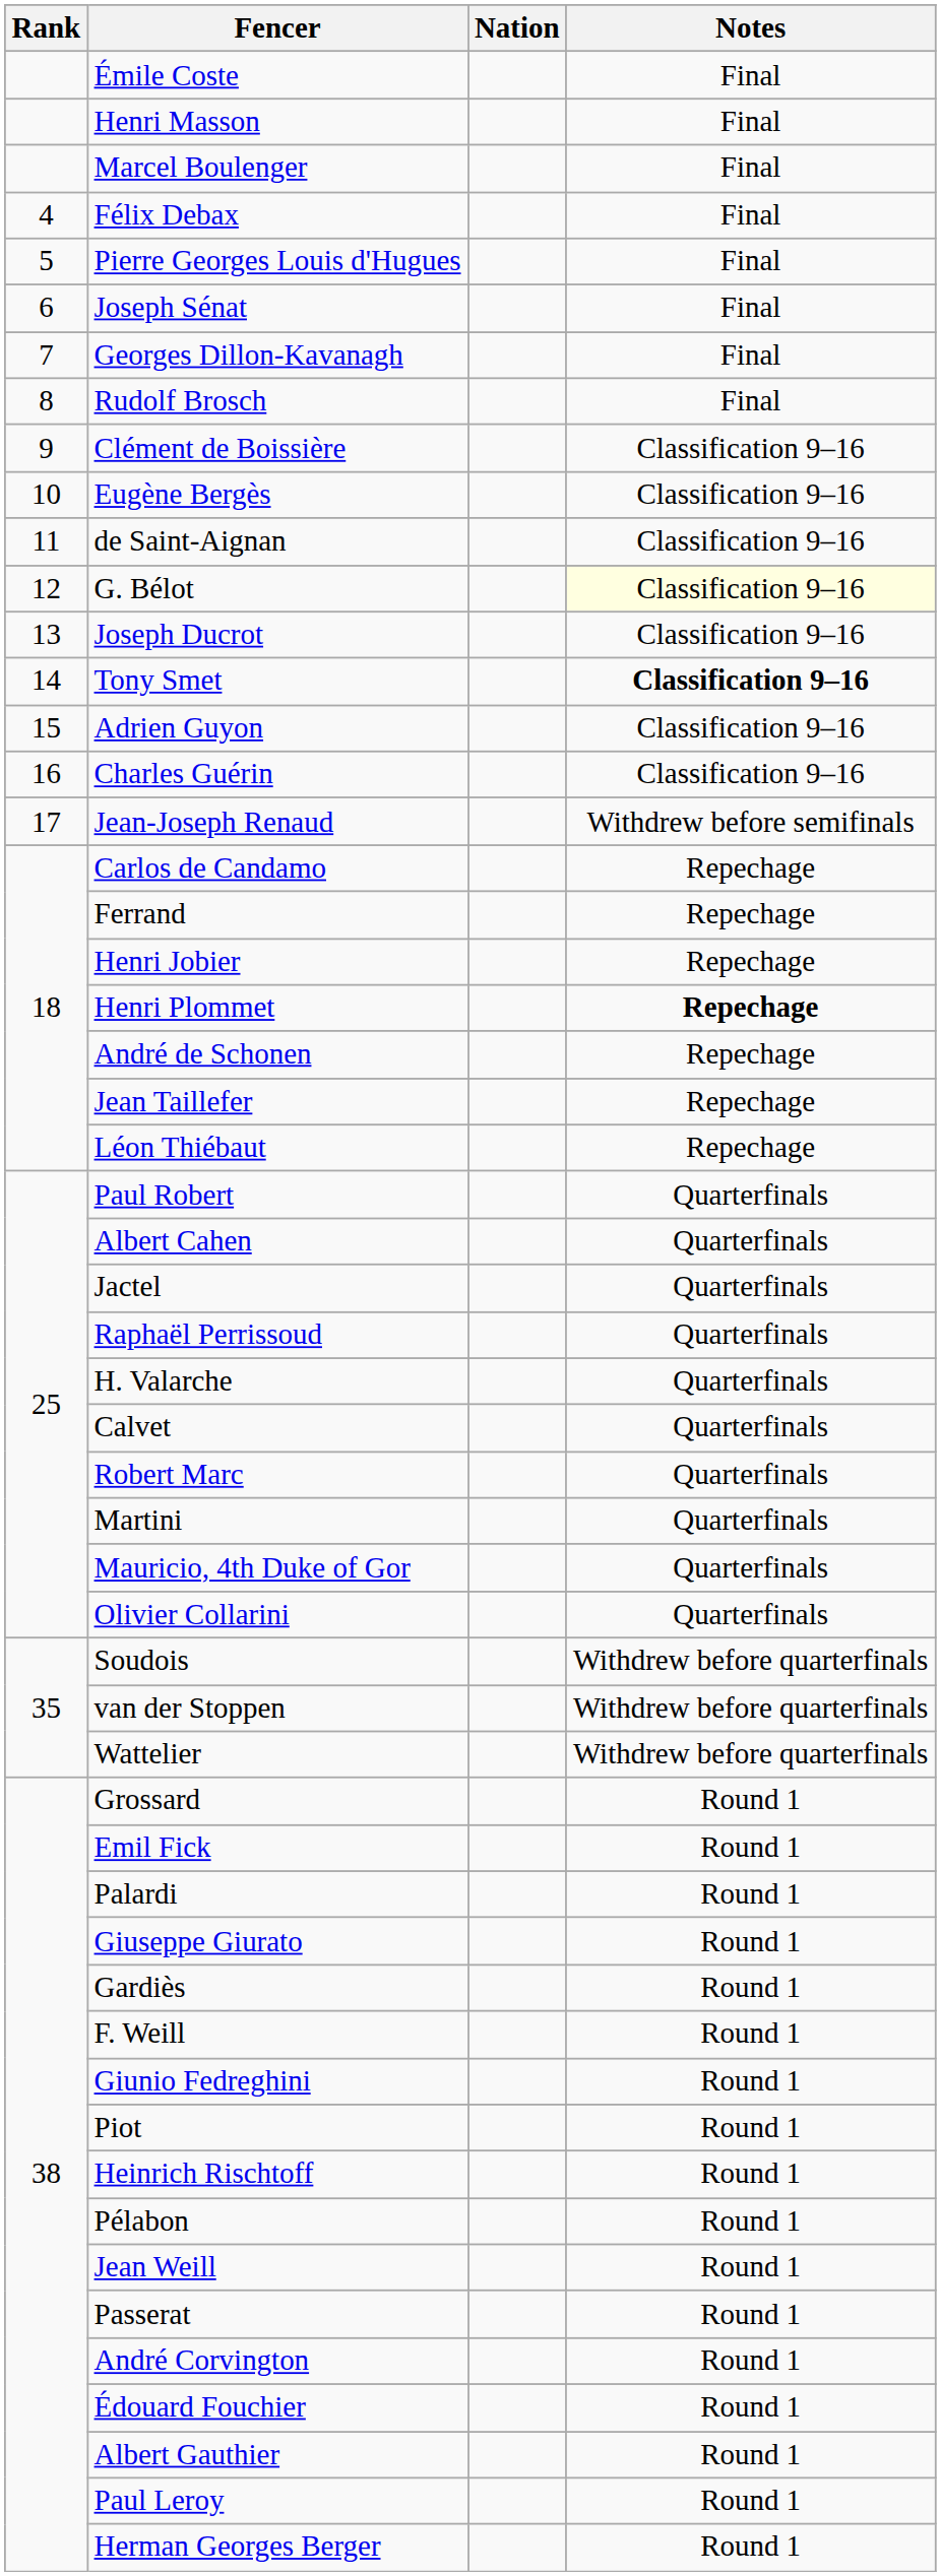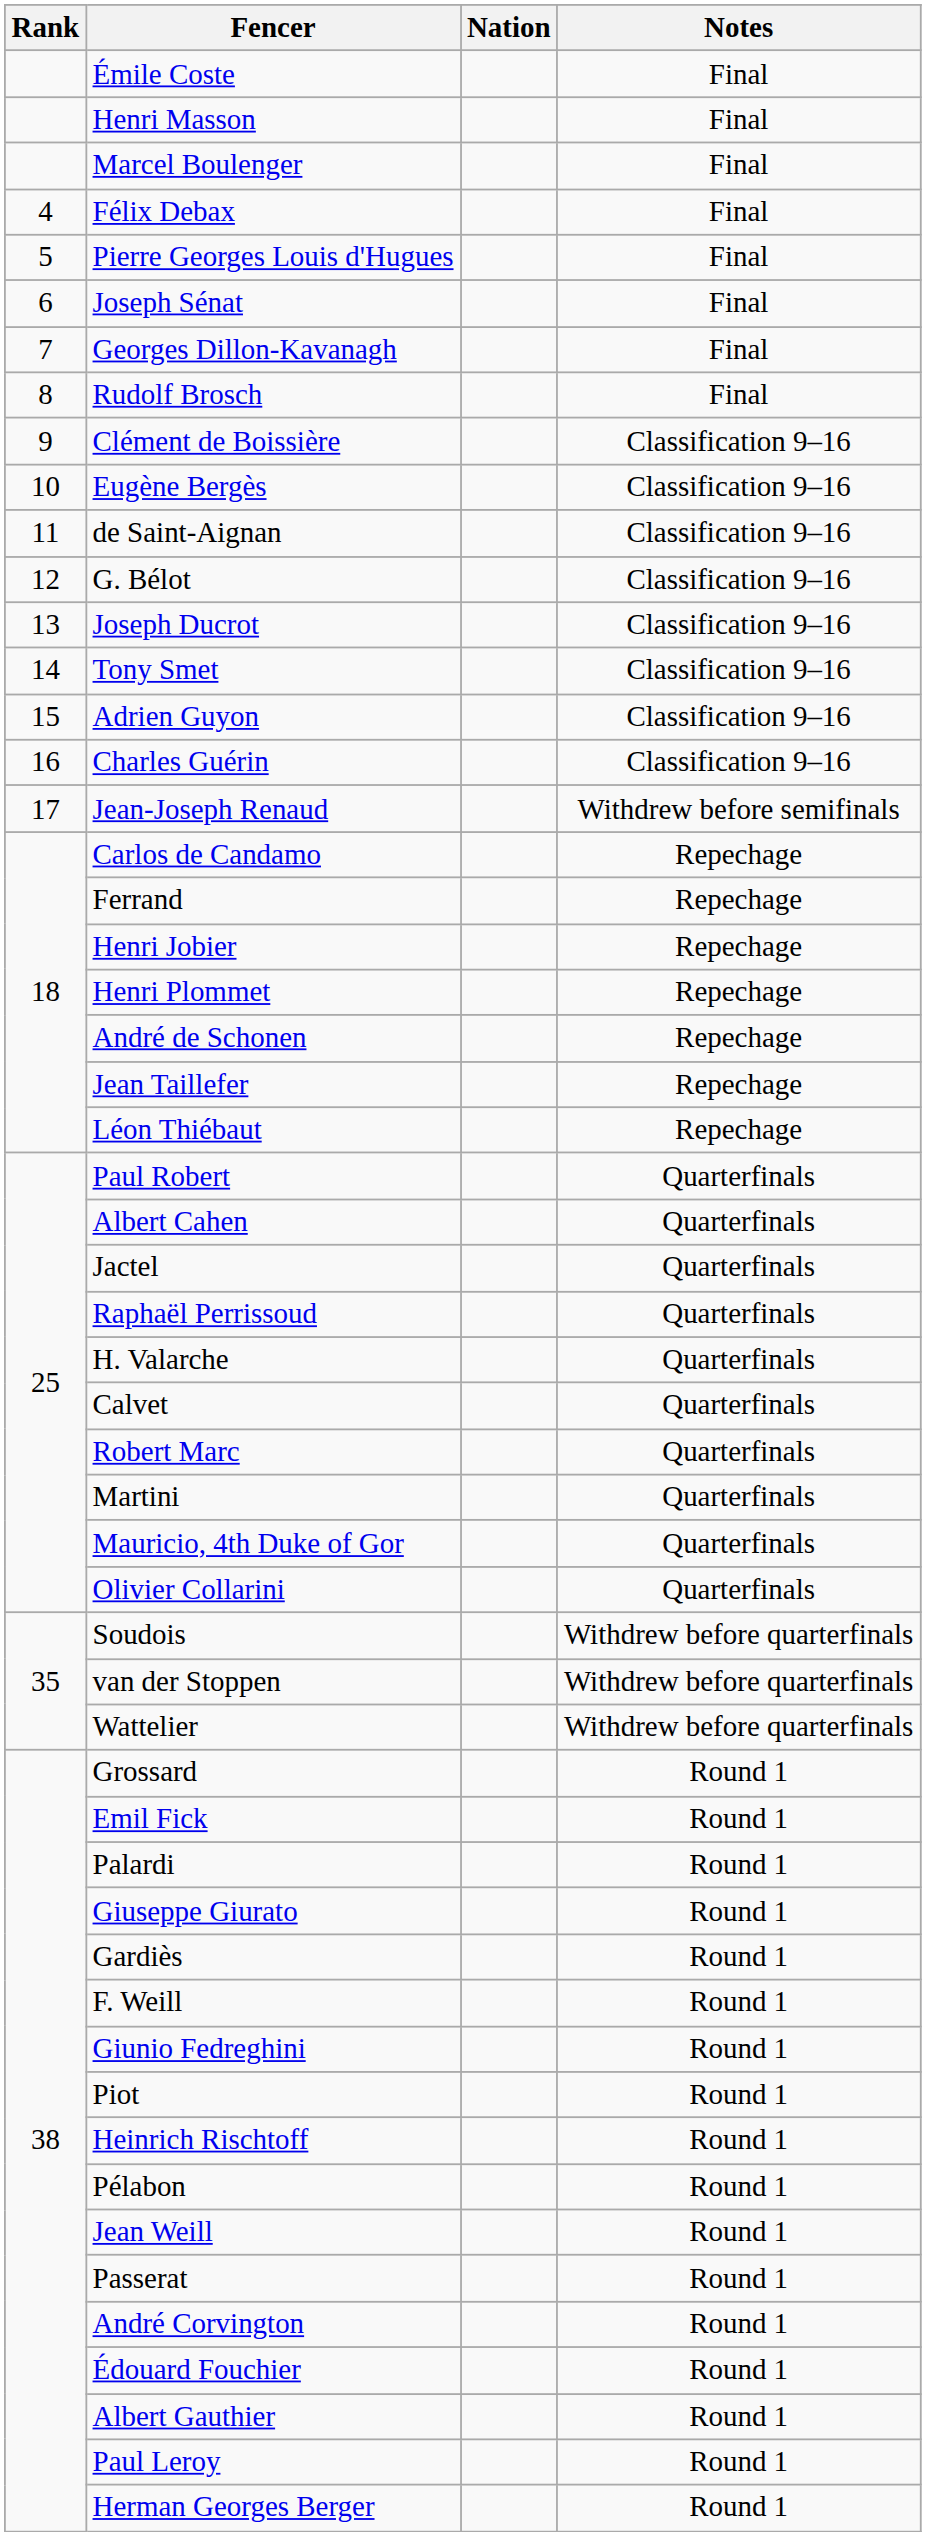 <table class="wikitable sortable" style="text-align:center">
 <tr>
 <th>Rank</th>
 <th>Fencer</th>
 <th>Nation</th>
 <th>Notes</th>
 </tr>
 <tr>
 <td></td>
 <td align=left><a href='#'>Émile Coste</a></td>
 <td align=left></td>
 <td>Final</td>
 </tr>
 <tr>
 <td></td>
 <td align=left><a href='#'>Henri Masson</a></td>
 <td align=left></td>
 <td>Final</td>
 </tr>
 <tr>
 <td></td>
 <td align=left><a href='#'>Marcel Boulenger</a></td>
 <td align=left></td>
 <td>Final</td>
 </tr>
 <tr>
 <td>4</td>
 <td align=left><a href='#'>Félix Debax</a></td>
 <td align=left></td>
 <td>Final</td>
 </tr>
 <tr>
 <td>5</td>
 <td align=left><a href='#'>Pierre Georges Louis d'Hugues</a></td>
 <td align=left></td>
 <td>Final</td>
 </tr>
 <tr>
 <td>6</td>
 <td align=left><a href='#'>Joseph Sénat</a></td>
 <td align=left></td>
 <td>Final</td>
 </tr>
 <tr>
 <td>7</td>
 <td align=left><a href='#'>Georges Dillon-Kavanagh</a></td>
 <td align=left></td>
 <td>Final</td>
 </tr>
 <tr>
 <td>8</td>
 <td align=left><a href='#'>Rudolf Brosch</a></td>
 <td align=left></td>
 <td>Final</td>
 </tr>
 <tr>
 <td>9</td>
 <td align=left><a href='#'>Clément de Boissière</a></td>
 <td align=left></td>
 <td>Classification 9–16</td>
 </tr>
 <tr>
 <td>10</td>
 <td align=left><a href='#'>Eugène Bergès</a></td>
 <td align=left></td>
 <td>Classification 9–16</td>
 </tr>
 <tr>
 <td>11</td>
 <td align=left>de Saint-Aignan</td>
 <td align=left></td>
 <td>Classification 9–16</td>
 </tr>
 <tr>
 <td>12</td>
 <td align=left>G. Bélot</td>
 <td align=left></td>
-<td style="background: lightyellow;">Classification 9–16</td>
+<td>Classification 9–16</td>
 </tr>
 <tr>
 <td>13</td>
 <td align=left><a href='#'>Joseph Ducrot</a></td>
 <td align=left></td>
 <td>Classification 9–16</td>
 </tr>
 <tr>
 <td>14</td>
 <td align=left><a href='#'>Tony Smet</a></td>
 <td align=left></td>
-<td><strong>Classification 9–16</strong></td>
+<td>Classification 9–16</td>
 </tr>
 <tr>
 <td>15</td>
 <td align=left><a href='#'>Adrien Guyon</a></td>
 <td align=left></td>
 <td>Classification 9–16</td>
 </tr>
 <tr>
 <td>16</td>
 <td align=left><a href='#'>Charles Guérin</a></td>
 <td align=left></td>
 <td>Classification 9–16</td>
 </tr>
 <tr>
 <td>17</td>
 <td align=left><a href='#'>Jean-Joseph Renaud</a></td>
 <td align=left></td>
 <td>Withdrew before semifinals</td>
 </tr>
 <tr>
 <td rowspan=7>18</td>
 <td align=left><a href='#'>Carlos de Candamo</a></td>
 <td align=left></td>
 <td>Repechage</td>
 </tr>
 <tr>
 <td align=left>Ferrand</td>
 <td align=left></td>
 <td>Repechage</td>
 </tr>
 <tr>
 <td align=left><a href='#'>Henri Jobier</a></td>
 <td align=left></td>
 <td>Repechage</td>
 </tr>
 <tr>
 <td align=left><a href='#'>Henri Plommet</a></td>
 <td align=left></td>
-<td><strong>Repechage</strong></td>
+<td>Repechage</td>
 </tr>
 <tr>
 <td align=left><a href='#'>André de Schonen</a></td>
 <td align=left></td>
 <td>Repechage</td>
 </tr>
 <tr>
 <td align=left><a href='#'>Jean Taillefer</a></td>
 <td align=left></td>
 <td>Repechage</td>
 </tr>
 <tr>
 <td align=left><a href='#'>Léon Thiébaut</a></td>
 <td align=left></td>
 <td>Repechage</td>
 </tr>
 <tr>
 <td rowspan=10>25</td>
 <td align=left><a href='#'>Paul Robert</a></td>
 <td align=left></td>
 <td>Quarterfinals</td>
 </tr>
 <tr>
 <td align=left><a href='#'>Albert Cahen</a></td>
 <td align=left></td>
 <td>Quarterfinals</td>
 </tr>
 <tr>
 <td align=left>Jactel</td>
 <td align=left></td>
 <td>Quarterfinals</td>
 </tr>
 <tr>
 <td align=left><a href='#'>Raphaël Perrissoud</a></td>
 <td align=left></td>
 <td>Quarterfinals</td>
 </tr>
 <tr>
 <td align=left>H. Valarche</td>
 <td align=left></td>
 <td>Quarterfinals</td>
 </tr>
 <tr>
 <td align=left>Calvet</td>
 <td align=left></td>
 <td>Quarterfinals</td>
 </tr>
 <tr>
 <td align=left><a href='#'>Robert Marc</a></td>
 <td align=left></td>
 <td>Quarterfinals</td>
 </tr>
 <tr>
 <td align=left>Martini</td>
 <td align=left></td>
 <td>Quarterfinals</td>
 </tr>
 <tr>
 <td align=left><a href='#'>Mauricio, 4th Duke of Gor</a></td>
 <td align=left></td>
 <td>Quarterfinals</td>
 </tr>
 <tr>
 <td align=left><a href='#'>Olivier Collarini</a></td>
 <td align=left></td>
 <td>Quarterfinals</td>
 </tr>
 <tr>
 <td rowspan=3>35</td>
 <td align=left>Soudois</td>
 <td align=left></td>
 <td>Withdrew before quarterfinals</td>
 </tr>
 <tr>
 <td align=left>van der Stoppen</td>
 <td align=left></td>
 <td>Withdrew before quarterfinals</td>
 </tr>
 <tr>
 <td align=left>Wattelier</td>
 <td align=left></td>
 <td>Withdrew before quarterfinals</td>
 </tr>
 <tr>
 <td rowspan=17>38</td>
 <td align=left>Grossard</td>
 <td align=left></td>
 <td>Round 1</td>
 </tr>
 <tr>
 <td align=left><a href='#'>Emil Fick</a></td>
 <td align=left></td>
 <td>Round 1</td>
 </tr>
 <tr>
 <td align=left>Palardi</td>
 <td align=left></td>
 <td>Round 1</td>
 </tr>
 <tr>
 <td align=left><a href='#'>Giuseppe Giurato</a></td>
 <td align=left></td>
 <td>Round 1</td>
 </tr>
 <tr>
 <td align=left>Gardiès</td>
 <td align=left></td>
 <td>Round 1</td>
 </tr>
 <tr>
 <td align=left>F. Weill</td>
 <td align=left></td>
 <td>Round 1</td>
 </tr>
 <tr>
 <td align=left><a href='#'>Giunio Fedreghini</a></td>
 <td align=left></td>
 <td>Round 1</td>
 </tr>
 <tr>
 <td align=left>Piot</td>
 <td align=left></td>
 <td>Round 1</td>
 </tr>
 <tr>
 <td align=left><a href='#'>Heinrich Rischtoff</a></td>
 <td align=left></td>
 <td>Round 1</td>
 </tr>
 <tr>
 <td align=left>Pélabon</td>
 <td align=left></td>
 <td>Round 1</td>
 </tr>
 <tr>
 <td align=left><a href='#'>Jean Weill</a></td>
 <td align=left></td>
 <td>Round 1</td>
 </tr>
 <tr>
 <td align=left>Passerat</td>
 <td align=left></td>
 <td>Round 1</td>
 </tr>
 <tr>
 <td align=left><a href='#'>André Corvington</a></td>
 <td align=left></td>
 <td>Round 1</td>
 </tr>
 <tr>
 <td align=left><a href='#'>Édouard Fouchier</a></td>
 <td align=left></td>
 <td>Round 1</td>
 </tr>
 <tr>
 <td align=left><a href='#'>Albert Gauthier</a></td>
 <td align=left></td>
 <td>Round 1</td>
 </tr>
 <tr>
 <td align=left><a href='#'>Paul Leroy</a></td>
 <td align=left></td>
 <td>Round 1</td>
 </tr>
 <tr>
 <td align=left><a href='#'>Herman Georges Berger</a></td>
 <td align=left></td>
 <td>Round 1</td>
 </tr>
 </table>
